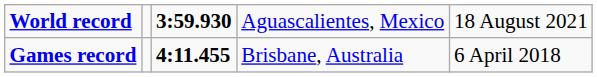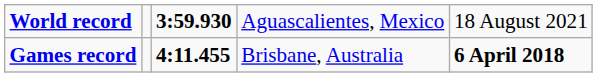 <table class="wikitable">
 <tr>
 <td><a href='#'> <strong>World record</strong></a></td>
 <td></td>
 <td><strong>3:59.930</strong></td>
 <td><a href='#'>Aguascalientes</a>, <a href='#'>Mexico</a></td>
 <td>18 August 2021</td>
 </tr>
 <tr>
 <td><a href='#'> <strong>Games record</strong></a></td>
 <td></td>
 <td><strong>4:11.455</strong></td>
 <td><a href='#'>Brisbane</a>, <a href='#'>Australia</a></td>
-<td>6 April 2018</td>
+<td><strong>6 April 2018</strong></td>
 </tr>
 </table>
